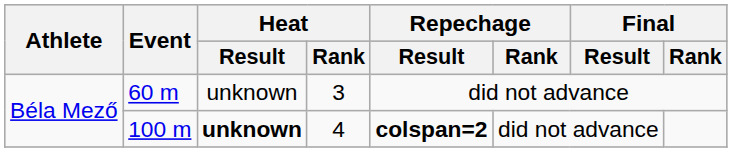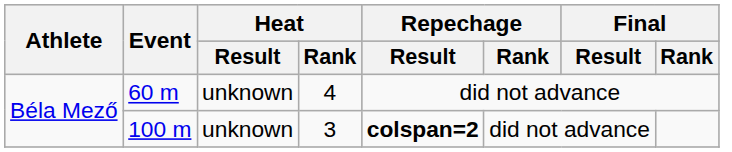 <table class="wikitable" style="font-size:90%; text-align:center">
 <tr>
 <th rowspan=2>Athlete</th>
 <th rowspan=2>Event</th>
 <th colspan=2>Heat</th>
 <th colspan=2>Repechage</th>
 <th colspan=2>Final</th>
 </tr>
 <tr style="font-size:95%">
 <th>Result</th>
 <th>Rank</th>
 <th>Result</th>
 <th>Rank</th>
 <th>Result</th>
 <th>Rank</th>
 </tr>
 <tr>
 <td rowspan=2 align=left><a href='#'>Béla Mező</a></td>
 <td align=left><a href='#'>60 m</a></td>
 <td>unknown</td>
-<td>3</td>
+<td>4</td>
 <td colspan=4>did not advance</td>
 </tr>
 <tr>
 <td align=left><a href='#'>100 m</a></td>
-<td><strong>unknown</strong></td>
-<td>4</td>
+<td>unknown</td>
+<td>3</td>
 <td><strong>colspan=2 </strong></td>
 <td colspan=2>did not advance</td>
 </tr>
 </table>
